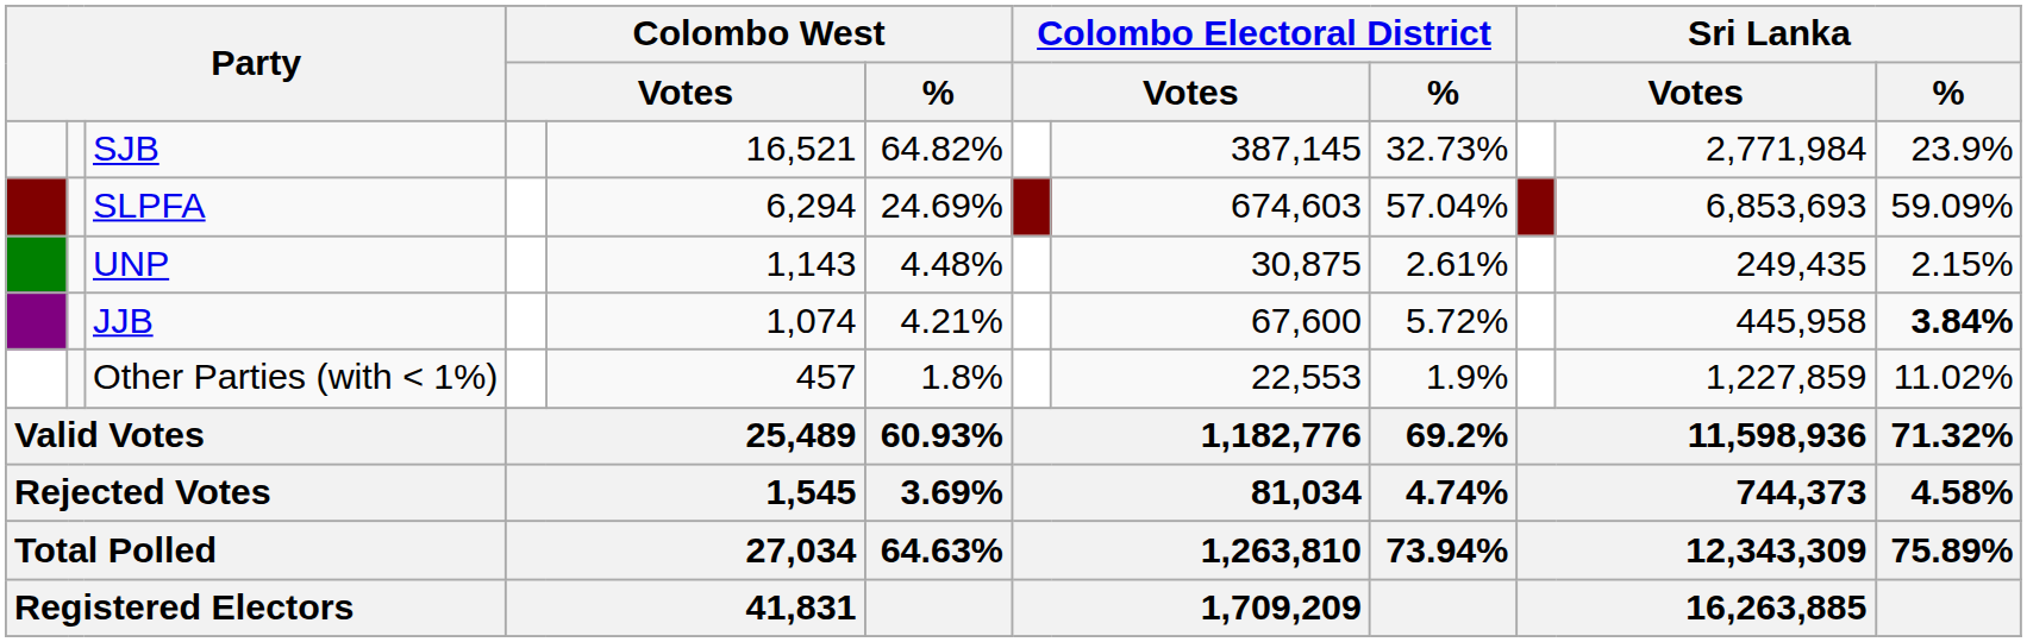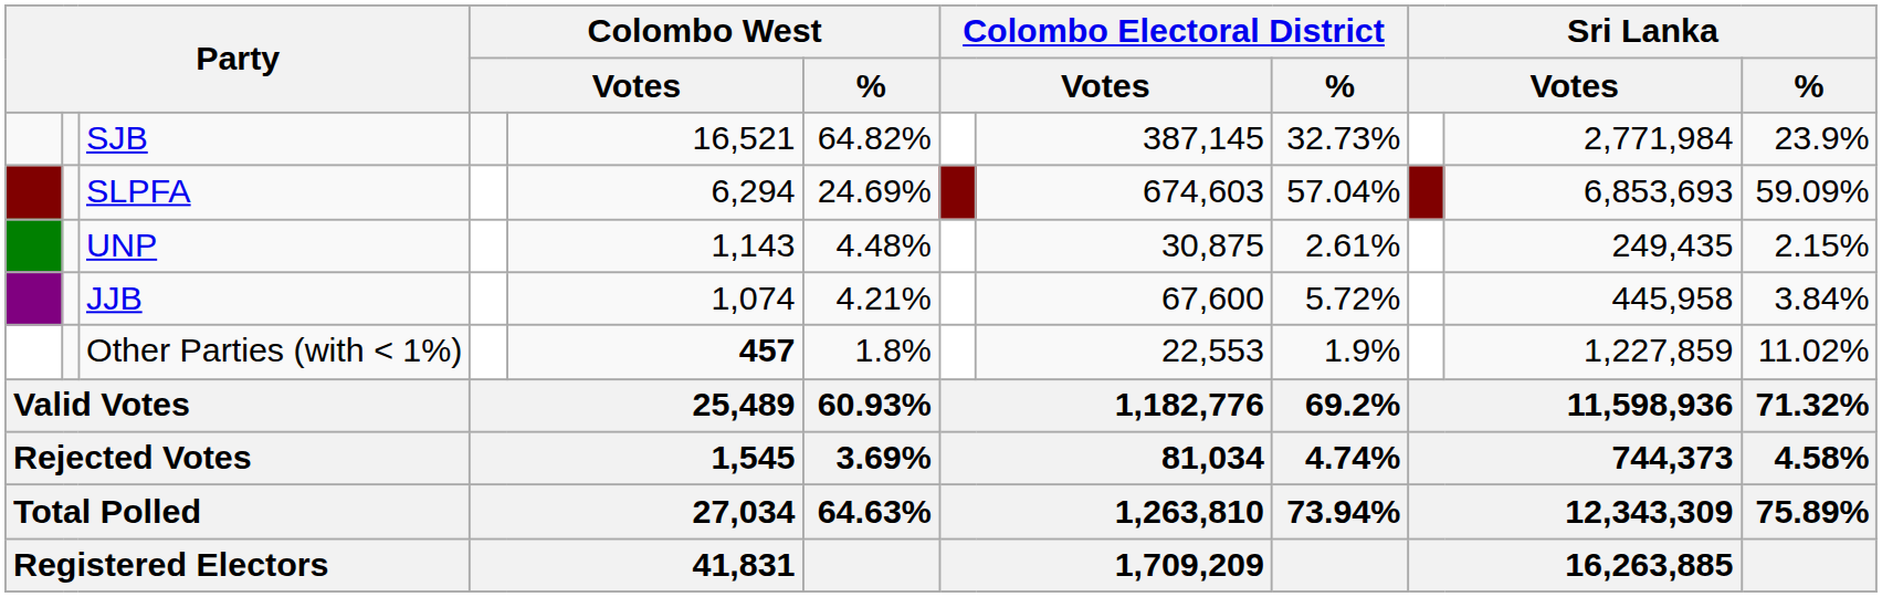 <table class="wikitable">
 <tr>
 <th colspan="3" width="144px"rowspan="2">Party</th>
 <th colspan="3" width="216px">Colombo West</th>
 <th colspan="3" width="216px"><a href='#'>Colombo Electoral District</a></th>
 <th colspan="3" width="216px">Sri Lanka</th>
 </tr>
 <tr>
 <th colspan="2" width="144px">Votes</th>
 <th>%</th>
 <th colspan="2" width="144px">Votes</th>
 <th>%</th>
 <th colspan="2" width="144px">Votes</th>
 <th>%</th>
 </tr>
 <tr>
 <td style="background-color:"></td>
 <td></td>
 <td style="text-align:left;"><a href='#'>SJB</a></td>
 <td style="background-color:"></td>
 <td style="text-align:right;">16,521</td>
 <td style="text-align:right;">64.82%</td>
 <td style="background-color:white;" width="10px"></td>
 <td style="text-align:right;">387,145</td>
 <td style="text-align:right;">32.73%</td>
 <td style="background-color:white;" width="10px"></td>
 <td style="text-align:right;">2,771,984</td>
 <td style="text-align:right;">23.9%</td>
 </tr>
 <tr>
 <td style="background-color:maroon;" width="20px"></td>
 <td></td>
 <td style="text-align:left;"><a href='#'>SLPFA</a></td>
 <td style="background-color:white;" width="10px"></td>
 <td style="text-align:right;">6,294</td>
 <td style="text-align:right;">24.69%</td>
 <td style="background-color:maroon;" width="10px"></td>
 <td style="text-align:right;">674,603</td>
 <td style="text-align:right;">57.04%</td>
 <td style="background-color:maroon;" width="10px"></td>
 <td style="text-align:right;">6,853,693</td>
 <td style="text-align:right;">59.09%</td>
 </tr>
 <tr>
 <td style="background-color:green;" width="20px"></td>
 <td></td>
 <td style="text-align:left;"><a href='#'>UNP</a></td>
 <td style="background-color:white;" width="10px"></td>
 <td style="text-align:right;">1,143</td>
 <td style="text-align:right;">4.48%</td>
 <td style="background-color:white;" width="10px"></td>
 <td style="text-align:right;">30,875</td>
 <td style="text-align:right;">2.61%</td>
 <td style="background-color:white;" width="10px"></td>
 <td style="text-align:right;">249,435</td>
 <td style="text-align:right;">2.15%</td>
 </tr>
 <tr>
 <td style="background-color:purple;" width="20px"></td>
 <td></td>
 <td style="text-align:left;"><a href='#'>JJB</a></td>
 <td style="background-color:white;" width="10px"></td>
 <td style="text-align:right;">1,074</td>
 <td style="text-align:right;">4.21%</td>
 <td style="background-color:white;" width="10px"></td>
 <td style="text-align:right;">67,600</td>
 <td style="text-align:right;">5.72%</td>
 <td style="background-color:white;" width="10px"></td>
 <td style="text-align:right;">445,958</td>
-<td style="text-align:right;"><strong>3.84%</strong></td>
+<td style="text-align:right;">3.84%</td>
 </tr>
 <tr>
 <td style="background-color:white;" width="20px"></td>
 <td></td>
 <td style="text-align:left;">Other Parties (with < 1%)</td>
 <td style="background-color:white;" width="10px"></td>
-<td style="text-align:right;">457</td>
+<td style="text-align:right;"><strong>457</strong></td>
 <td style="text-align:right;">1.8%</td>
 <td style="background-color:white;" width="10px"></td>
 <td style="text-align:right;">22,553</td>
 <td style="text-align:right;">1.9%</td>
 <td style="background-color:white;" width="10px"></td>
 <td style="text-align:right;">1,227,859</td>
 <td style="text-align:right;">11.02%</td>
 </tr>
 <tr>
 <th colspan="3" width="144px"style="text-align:left;">Valid Votes</th>
 <th style="text-align:right;"colspan="2" width="144px">25,489</th>
 <th style="text-align:right;">60.93%</th>
 <th style="text-align:right;"colspan="2" width="144px">1,182,776</th>
 <th style="text-align:right;">69.2%</th>
 <th style="text-align:right;"colspan="2" width="144px">11,598,936</th>
 <th style="text-align:right;">71.32%</th>
 </tr>
 <tr>
 <th colspan="3" width="144px"style="text-align:left;">Rejected Votes</th>
 <th style="text-align:right;"colspan="2" width="144px">1,545</th>
 <th style="text-align:right;">3.69%</th>
 <th style="text-align:right;"colspan="2" width="144px">81,034</th>
 <th style="text-align:right;">4.74%</th>
 <th style="text-align:right;"colspan="2" width="144px">744,373</th>
 <th style="text-align:right;">4.58%</th>
 </tr>
 <tr>
 <th colspan="3" width="144px"style="text-align:left;">Total Polled</th>
 <th style="text-align:right;"colspan="2" width="144px">27,034</th>
 <th style="text-align:right;">64.63%</th>
 <th style="text-align:right;"colspan="2" width="144px">1,263,810</th>
 <th style="text-align:right;">73.94%</th>
 <th style="text-align:right;"colspan="2" width="144px">12,343,309</th>
 <th style="text-align:right;">75.89%</th>
 </tr>
 <tr>
 <th colspan="3" width="144px"style="text-align:left;">Registered Electors</th>
 <th style="text-align:right;"colspan="2" width="144px">41,831</th>
 <th></th>
 <th style="text-align:right;"colspan="2" width="144px">1,709,209</th>
 <th></th>
 <th style="text-align:right;"colspan="2" width="144px">16,263,885</th>
 <th></th>
 </tr>
 </table>
